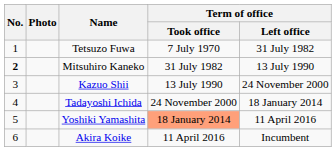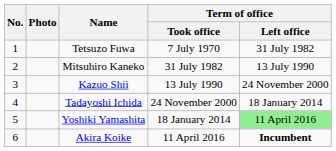 <table class="wikitable" style="text-align:center">
 <tr>
 <th rowspan="2">No.</th>
 <th rowspan="2">Photo</th>
 <th rowspan="2">Name<br><small> </small></th>
 <th colspan="2">Term of office</th>
 </tr>
 <tr>
 <th>Took office</th>
 <th>Left office</th>
 </tr>
 <tr>
 <td>1</td>
 <td></td>
 <td>Tetsuzo Fuwa<br><small></small></td>
 <td>7 July 1970</td>
 <td>31 July 1982</td>
 </tr>
 <tr>
-<td><strong>2</strong></td>
+<td>2</td>
 <td></td>
 <td>Mitsuhiro Kaneko<br><small></small></td>
 <td>31 July 1982</td>
 <td>13 July 1990</td>
 </tr>
 <tr>
 <td>3</td>
 <td></td>
 <td><a href='#'>Kazuo Shii</a><br><small></small></td>
 <td>13 July 1990</td>
 <td>24 November 2000</td>
 </tr>
 <tr>
 <td>4</td>
 <td></td>
 <td><a href='#'>Tadayoshi Ichida</a><br><small></small></td>
 <td>24 November 2000</td>
 <td>18 January 2014</td>
 </tr>
 <tr>
 <td>5</td>
 <td></td>
 <td><a href='#'>Yoshiki Yamashita</a><br><small></small></td>
-<td style="background: lightsalmon;">18 January 2014</td>
-<td>11 April 2016</td>
+<td>18 January 2014</td>
+<td style="background: lightgreen;">11 April 2016</td>
 </tr>
 <tr>
 <td>6</td>
 <td></td>
 <td><a href='#'>Akira Koike</a><br><small></small></td>
 <td>11 April 2016</td>
-<td>Incumbent</td>
+<td><strong>Incumbent</strong></td>
 </tr>
 </table>
